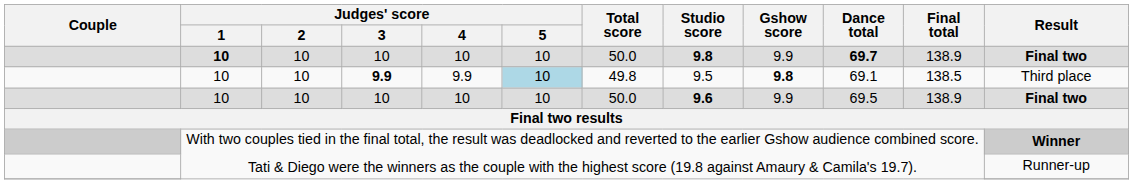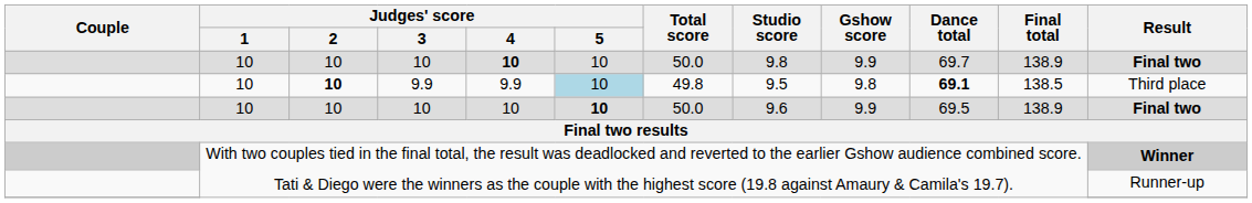 <table class="wikitable" style="font-size:100%; line-height:16px; text-align:center" width="100%">
 <tr>
 <th rowspan=2 width="11.00%">Couple</th>
 <th colspan=5 width="25.00%">Judges' score</th>
 <th rowspan=2 width="05.00%">Total<br>score</th>
 <th rowspan=2 width="05.00%">Studio<br>score</th>
 <th rowspan=2 width="05.00%">Gshow<br>score</th>
 <th rowspan=2 width="05.00%">Dance<br>total</th>
 <th rowspan=2 width="05.00%">Final<br>total</th>
 <th rowspan=2 width="09.00%">Result</th>
 </tr>
 <tr>
 <th width="05.00%">1</th>
 <th width="05.00%">2</th>
 <th width="05.00%">3</th>
 <th width="05.00%">4</th>
 <th width="05.00%">5</th>
 </tr>
 <tr bgcolor="DDDDDD">
 <td></td>
-<td><strong>10</strong></td>
 <td>10</td>
 <td>10</td>
 <td>10</td>
+<td><strong>10</strong></td>
 <td>10</td>
 <td>50.0</td>
-<td><strong>9.8</strong></td>
+<td>9.8</td>
 <td>9.9</td>
-<td><strong>69.7</strong></td>
+<td>69.7</td>
 <td>138.9</td>
 <td><strong>Final two</strong></td>
 </tr>
 <tr>
 <td></td>
 <td>10</td>
-<td>10</td>
-<td><strong>9.9</strong></td>
+<td><strong>10</strong></td>
+<td>9.9</td>
 <td>9.9</td>
 <td style="background: lightblue;">10</td>
 <td>49.8</td>
 <td>9.5</td>
-<td><strong>9.8</strong></td>
-<td>69.1</td>
+<td>9.8</td>
+<td><strong>69.1</strong></td>
 <td>138.5</td>
 <td>Third place</td>
 </tr>
 <tr bgcolor="DDDDDD">
 <td></td>
 <td>10</td>
 <td>10</td>
 <td>10</td>
 <td>10</td>
-<td>10</td>
+<td><strong>10</strong></td>
 <td>50.0</td>
-<td><strong>9.6</strong></td>
+<td>9.6</td>
 <td>9.9</td>
 <td>69.5</td>
 <td>138.9</td>
 <td><strong>Final two</strong></td>
 </tr>
 <tr>
 <th colspan=12>Final two results</th>
 </tr>
 <tr>
 <td bgcolor="CCCCCC"></td>
 <td rowspan=3 colspan=10>With two couples tied in the final total, the result was deadlocked and reverted to the earlier Gshow audience combined score.<br><br>Tati & Diego were the winners as the couple with the highest score (19.8 against Amaury & Camila's 19.7).</td>
 <td bgcolor="CCCCCC"><strong>Winner</strong></td>
 </tr>
 <tr>
 <td></td>
 <td>Runner-up</td>
 </tr>
 <tr>
 </tr>
 </table>
